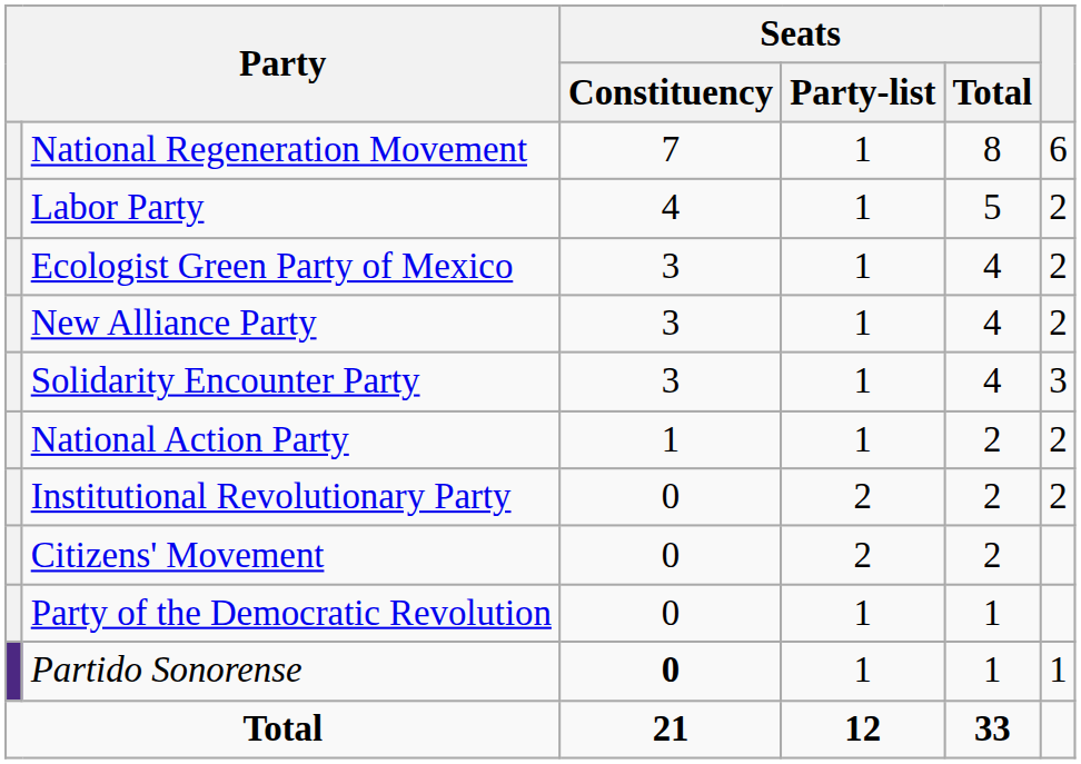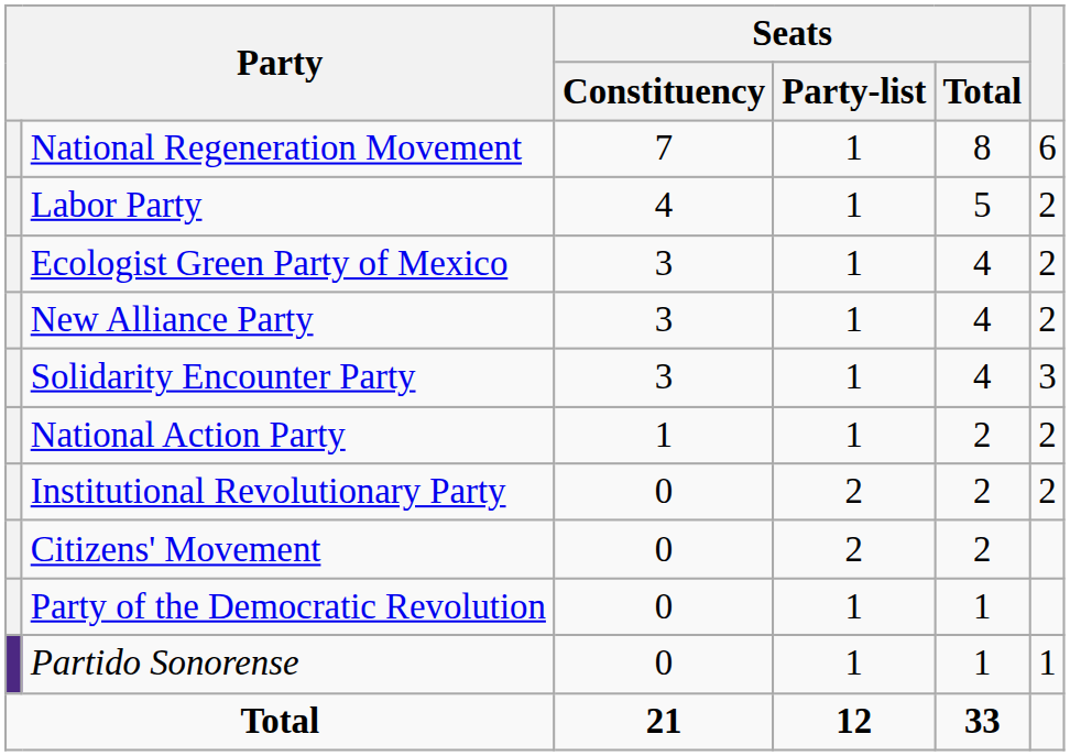 <table class="wikitable" style="text-align:center;">
 <tr>
 <th colspan="2" rowspan="2">Party</th>
 <th colspan="3">Seats</th>
 <th rowspan="2"></th>
 </tr>
 <tr>
 <th style="width:3em"><strong>Constituency</strong></th>
 <th>Party-list</th>
 <th>Total</th>
 </tr>
 <tr>
 <th style="background-color:"></th>
 <td style="text-align:left;"><a href='#'>National Regeneration Movement</a></td>
 <td>7</td>
 <td>1</td>
 <td>8</td>
 <td> 6</td>
 </tr>
 <tr>
 <th style="background-color:"></th>
 <td style="text-align:left;"><a href='#'>Labor Party</a></td>
 <td>4</td>
 <td>1</td>
 <td>5</td>
 <td> 2</td>
 </tr>
 <tr>
 <th style="background-color:"></th>
 <td style="text-align:left;"><a href='#'>Ecologist Green Party of Mexico</a></td>
 <td>3</td>
 <td>1</td>
 <td>4</td>
 <td> 2</td>
 </tr>
 <tr>
 <th style="background-color:"></th>
 <td style="text-align:left;"><a href='#'>New Alliance Party</a></td>
 <td>3</td>
 <td>1</td>
 <td>4</td>
 <td> 2</td>
 </tr>
 <tr>
 <th style="background-color:"></th>
 <td style="text-align:left;"><a href='#'>Solidarity Encounter Party</a></td>
 <td>3</td>
 <td>1</td>
 <td>4</td>
 <td> 3</td>
 </tr>
 <tr>
 <th style="background-color:"></th>
 <td style="text-align:left;"><a href='#'>National Action Party</a></td>
 <td>1</td>
 <td>1</td>
 <td>2</td>
 <td> 2</td>
 </tr>
 <tr>
 <th style="background-color:"></th>
 <td style="text-align:left;"><a href='#'>Institutional Revolutionary Party</a></td>
 <td>0</td>
 <td>2</td>
 <td>2</td>
 <td> 2</td>
 </tr>
 <tr>
 <th style="background-color:"></th>
 <td style="text-align:left;"><a href='#'>Citizens' Movement</a></td>
 <td>0</td>
 <td>2</td>
 <td>2</td>
 <td></td>
 </tr>
 <tr>
 <th style="background-color:"></th>
 <td style="text-align:left;"><a href='#'>Party of the Democratic Revolution</a></td>
 <td>0</td>
 <td>1</td>
 <td>1</td>
 <td></td>
 </tr>
 <tr>
 <th style="background-color:#4c2882;"></th>
 <td style="text-align:left;"><em>Partido Sonorense</em></td>
-<td><strong>0</strong></td>
+<td>0</td>
 <td>1</td>
 <td>1</td>
 <td> 1</td>
 </tr>
 <tr>
 <td colspan="2"><strong>Total</strong></td>
 <td><strong>21</strong></td>
 <td><strong>12</strong></td>
 <td><strong>33</strong></td>
 <td></td>
 </tr>
 </table>
